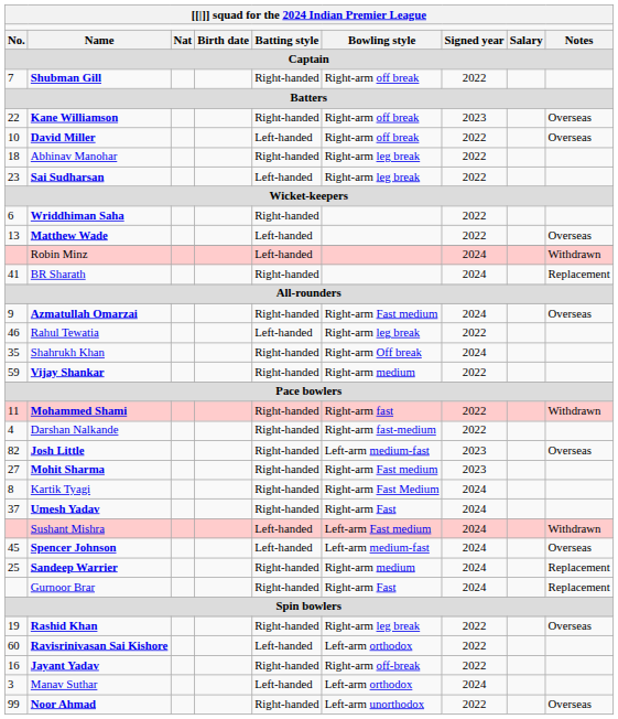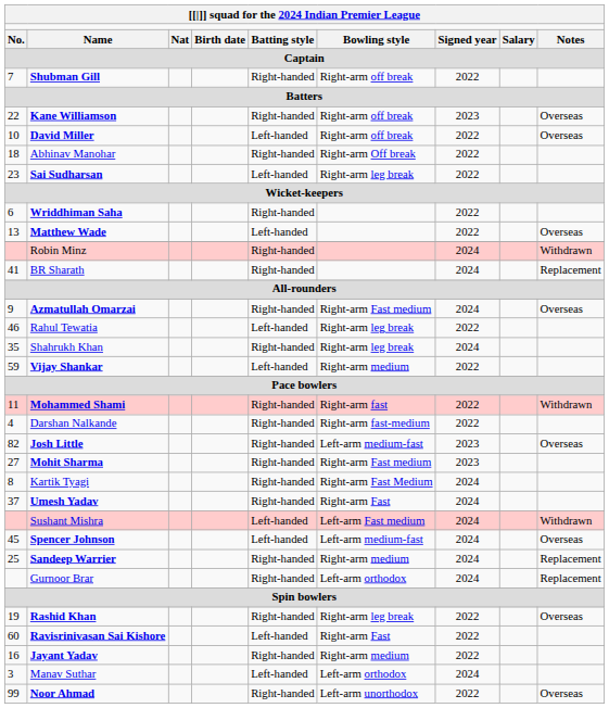 <table class="wikitable mw-collapsible mw-collapsed" style="font-size:85%">
 <tr>
 <th colspan="9" style="background:#"><span>[[|<span></span>]] squad for the <a href='#'><span>2024 Indian Premier League</span></a></span></th>
 </tr>
 <tr>
 <td colspan="9"></td>
 </tr>
 <tr>
 <th>No.</th>
 <th>Name</th>
 <th>Nat</th>
 <th>Birth date</th>
 <th>Batting style</th>
 <th>Bowling style</th>
 <th>Signed year</th>
 <th>Salary</th>
 <th>Notes</th>
 </tr>
 <tr>
 <th colspan="9"  style="background:#dcdcdc; text-align:center;">Captain</th>
 </tr>
 <tr>
 <td>7</td>
 <td><strong><a href='#'>Shubman Gill</a></strong></td>
 <td></td>
 <td></td>
 <td>Right-handed</td>
 <td>Right-arm <a href='#'>off break</a></td>
 <td style="text-align:center;">2022</td>
 <td style="text-align:right;"></td>
 <td></td>
 </tr>
 <tr>
 <th colspan="9"  style="background:#dcdcdc; text-align:center;">Batters</th>
 </tr>
 <tr>
 <td>22</td>
 <td><strong><a href='#'>Kane Williamson</a></strong></td>
 <td></td>
 <td></td>
 <td>Right-handed</td>
 <td>Right-arm <a href='#'>off break</a></td>
 <td style="text-align:center;">2023</td>
 <td style="text-align:right;"></td>
 <td>Overseas</td>
 </tr>
 <tr>
 <td>10</td>
 <td><strong><a href='#'>David Miller</a></strong></td>
 <td></td>
 <td></td>
 <td>Left-handed</td>
 <td>Right-arm <a href='#'>off break</a></td>
 <td style="text-align:center;">2022</td>
 <td style="text-align:right;"></td>
 <td>Overseas</td>
 </tr>
 <tr>
 <td>18</td>
 <td><a href='#'>Abhinav Manohar</a></td>
 <td></td>
 <td></td>
 <td>Right-handed</td>
-<td>Right-arm <a href='#'>leg break</a></td>
+<td>Right-arm <a href='#'>Off break</a></td>
 <td style="text-align:center;">2022</td>
 <td style="text-align:right;"></td>
 <td></td>
 </tr>
 <tr>
 <td>23</td>
 <td><strong><a href='#'>Sai Sudharsan</a></strong></td>
 <td></td>
 <td></td>
 <td>Left-handed</td>
 <td>Right-arm <a href='#'>leg break</a></td>
 <td style="text-align:center;">2022</td>
 <td style="text-align:right;"></td>
 <td></td>
 </tr>
 <tr>
 <th colspan="9"  style="background:#dcdcdc; text-align:center;">Wicket-keepers</th>
 </tr>
 <tr>
 <td>6</td>
 <td><strong><a href='#'>Wriddhiman Saha</a></strong></td>
 <td></td>
 <td></td>
 <td>Right-handed</td>
 <td></td>
 <td style="text-align:center;">2022</td>
 <td style="text-align:right;"></td>
 <td></td>
 </tr>
 <tr>
 <td>13</td>
 <td><strong><a href='#'>Matthew Wade</a></strong></td>
 <td></td>
 <td></td>
 <td>Left-handed</td>
 <td></td>
 <td style="text-align:center;">2022</td>
 <td style="text-align:right;"></td>
 <td>Overseas</td>
 </tr>
 <tr>
 </tr>
 <tr style="background:#FFCCCC">
 <td></td>
 <td>Robin Minz</td>
 <td></td>
 <td></td>
-<td>Left-handed</td>
+<td>Right-handed</td>
 <td></td>
 <td style="text-align:center;">2024</td>
 <td style="text-align:right;"></td>
 <td>Withdrawn</td>
 </tr>
 <tr>
 <td>41</td>
 <td><a href='#'>BR Sharath</a></td>
 <td></td>
 <td></td>
 <td>Right-handed</td>
 <td></td>
 <td style="text-align:center;">2024</td>
 <td style="text-align:right;"></td>
 <td>Replacement</td>
 </tr>
 <tr>
 <th colspan="9"  style="background:#dcdcdc; text-align:center;">All-rounders</th>
 </tr>
 <tr>
 <td>9</td>
 <td><strong><a href='#'>Azmatullah Omarzai</a></strong></td>
 <td></td>
 <td></td>
 <td>Right-handed</td>
 <td>Right-arm <a href='#'>Fast medium</a></td>
 <td style="text-align:center;">2024</td>
 <td style="text-align:right;"></td>
 <td>Overseas</td>
 </tr>
 <tr>
 <td>46</td>
 <td><a href='#'>Rahul Tewatia</a></td>
 <td></td>
 <td></td>
 <td>Left-handed</td>
 <td>Right-arm <a href='#'>leg break</a></td>
 <td style="text-align:center;">2022</td>
 <td style="text-align:right;"></td>
 <td></td>
 </tr>
 <tr>
 <td>35</td>
 <td><a href='#'>Shahrukh Khan</a></td>
 <td></td>
 <td></td>
 <td>Right-handed</td>
-<td>Right-arm <a href='#'>Off break</a></td>
+<td>Right-arm <a href='#'>leg break</a></td>
 <td style="text-align:center;">2024</td>
 <td style="text-align:right;"></td>
 <td></td>
 </tr>
 <tr>
 <td>59</td>
 <td><strong><a href='#'>Vijay Shankar</a></strong></td>
 <td></td>
 <td></td>
-<td>Right-handed</td>
+<td>Left-handed</td>
 <td>Right-arm <a href='#'>medium</a></td>
 <td style="text-align:center;">2022</td>
 <td style="text-align:right;"></td>
 <td></td>
 </tr>
 <tr>
 <th colspan="9"  style="background:#dcdcdc; text-align:center;">Pace bowlers</th>
 </tr>
 <tr style="background:#FFCCCC">
 <td>11</td>
 <td><strong><a href='#'>Mohammed Shami</a></strong></td>
 <td></td>
 <td></td>
 <td>Right-handed</td>
 <td>Right-arm <a href='#'>fast</a></td>
 <td style="text-align:center;">2022</td>
 <td style="text-align:right;"></td>
 <td>Withdrawn</td>
 </tr>
 <tr>
 <td>4</td>
 <td><a href='#'>Darshan Nalkande</a></td>
 <td></td>
 <td></td>
 <td>Right-handed</td>
 <td>Right-arm <a href='#'>fast-medium</a></td>
 <td style="text-align:center;">2022</td>
 <td style="text-align:right;"></td>
 <td></td>
 </tr>
 <tr>
 <td>82</td>
 <td><strong><a href='#'>Josh Little</a></strong></td>
 <td></td>
 <td></td>
 <td>Right-handed</td>
 <td>Left-arm <a href='#'>medium-fast</a></td>
 <td style="text-align:center;">2023</td>
 <td style="text-align:right;"></td>
 <td>Overseas</td>
 </tr>
 <tr>
 <td>27</td>
 <td><strong><a href='#'>Mohit Sharma</a></strong></td>
 <td></td>
 <td></td>
 <td>Right-handed</td>
 <td>Right-arm <a href='#'>Fast medium</a></td>
 <td style="text-align:center;">2023</td>
 <td style="text-align:right;"></td>
 <td></td>
 </tr>
 <tr>
 <td>8</td>
 <td><a href='#'>Kartik Tyagi</a></td>
 <td></td>
 <td></td>
 <td>Right-handed</td>
 <td>Right-arm <a href='#'>Fast Medium</a></td>
 <td style="text-align:center;">2024</td>
 <td style="text-align:right;"></td>
 <td></td>
 </tr>
 <tr>
 <td>37</td>
 <td><strong><a href='#'>Umesh Yadav</a></strong></td>
 <td></td>
 <td></td>
 <td>Right-handed</td>
 <td>Right-arm <a href='#'>Fast</a></td>
 <td style="text-align:center;">2024</td>
 <td style="text-align:right;"></td>
 <td></td>
 </tr>
 <tr style="background:#FFCCCC">
 <td></td>
 <td><a href='#'>Sushant Mishra</a></td>
 <td></td>
 <td></td>
 <td>Left-handed</td>
 <td>Left-arm <a href='#'>Fast medium</a></td>
 <td style="text-align:center;">2024</td>
 <td style="text-align:right;"></td>
 <td>Withdrawn</td>
 </tr>
 <tr>
 <td>45</td>
 <td><strong><a href='#'>Spencer Johnson</a></strong></td>
 <td></td>
 <td></td>
 <td>Left-handed</td>
 <td>Left-arm <a href='#'>medium-fast</a></td>
 <td style="text-align:center;">2024</td>
 <td style="text-align:right;"></td>
 <td>Overseas</td>
 </tr>
 <tr>
 <td>25</td>
 <td><strong><a href='#'>Sandeep Warrier</a></strong></td>
 <td></td>
 <td></td>
 <td>Right-handed</td>
 <td>Right-arm <a href='#'>medium</a></td>
 <td style="text-align:center;">2024</td>
 <td style="text-align:right;"></td>
 <td>Replacement</td>
 </tr>
 <tr>
 <td></td>
 <td><a href='#'>Gurnoor Brar</a></td>
 <td></td>
 <td></td>
 <td>Right-handed</td>
-<td>Right-arm <a href='#'>Fast</a></td>
+<td>Left-arm <a href='#'>orthodox</a></td>
 <td style="text-align:center;">2024</td>
 <td style="text-align:right;"></td>
 <td>Replacement</td>
 </tr>
 <tr>
 <th colspan="9"  style="background:#dcdcdc; text-align:center;">Spin bowlers</th>
 </tr>
 <tr>
 <td>19</td>
 <td><strong><a href='#'>Rashid Khan</a></strong></td>
 <td></td>
 <td></td>
 <td>Right-handed</td>
 <td>Right-arm <a href='#'>leg break</a></td>
 <td style="text-align:center;">2022</td>
 <td style="text-align:right;"></td>
 <td>Overseas</td>
 </tr>
 <tr>
 <td>60</td>
 <td><strong><a href='#'>Ravisrinivasan Sai Kishore</a></strong></td>
 <td></td>
 <td></td>
 <td>Left-handed</td>
-<td>Left-arm <a href='#'>orthodox</a></td>
+<td>Right-arm <a href='#'>Fast</a></td>
 <td style="text-align:center;">2022</td>
 <td style="text-align:right;"></td>
 <td></td>
 </tr>
 <tr>
 <td>16</td>
 <td><strong><a href='#'>Jayant Yadav</a></strong></td>
 <td></td>
 <td></td>
 <td>Right-handed</td>
-<td>Right-arm <a href='#'>off-break</a></td>
+<td>Right-arm <a href='#'>medium</a></td>
 <td style="text-align:center;">2022</td>
 <td style="text-align:right;"></td>
 <td></td>
 </tr>
 <tr>
 <td>3</td>
 <td><a href='#'>Manav Suthar</a></td>
 <td></td>
 <td></td>
 <td>Left-handed</td>
 <td>Left-arm <a href='#'>orthodox</a></td>
 <td style="text-align:center;">2024</td>
 <td style="text-align:right;"></td>
 <td></td>
 </tr>
 <tr>
 <td>99</td>
 <td><strong><a href='#'>Noor Ahmad</a></strong></td>
 <td></td>
 <td></td>
 <td>Right-handed</td>
 <td>Left-arm <a href='#'>unorthodox</a></td>
 <td style="text-align:center;">2022</td>
 <td style="text-align:right;"></td>
 <td>Overseas</td>
 </tr>
 </table>
